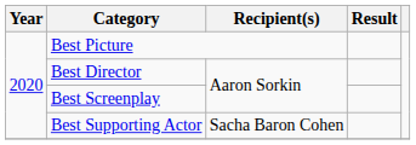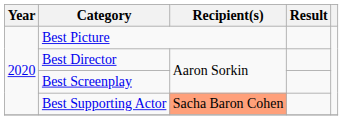 <table class="wikitable unsortable plainrowheaders">
 <tr>
 <th scope="col">Year</th>
 <th scope="col">Category</th>
 <th scope="col">Recipient(s)</th>
 <th scope="col">Result</th>
 <th scope="col" class="unsortable"></th>
 </tr>
 <tr>
 <td rowspan="4"><a href='#'>2020</a></td>
 <td colspan="2"><a href='#'>Best Picture</a></td>
 <td></td>
 <td rowspan="4" align="center"></td>
 </tr>
 <tr>
 <td><a href='#'>Best Director</a></td>
 <td rowspan="2">Aaron Sorkin</td>
 <td></td>
 </tr>
 <tr>
 <td><a href='#'>Best Screenplay</a></td>
 <td></td>
 </tr>
 <tr>
 <td><a href='#'>Best Supporting Actor</a></td>
-<td>Sacha Baron Cohen</td>
+<td style="background: lightsalmon;">Sacha Baron Cohen</td>
 <td></td>
 </tr>
 <tr>
 </tr>
 </table>
